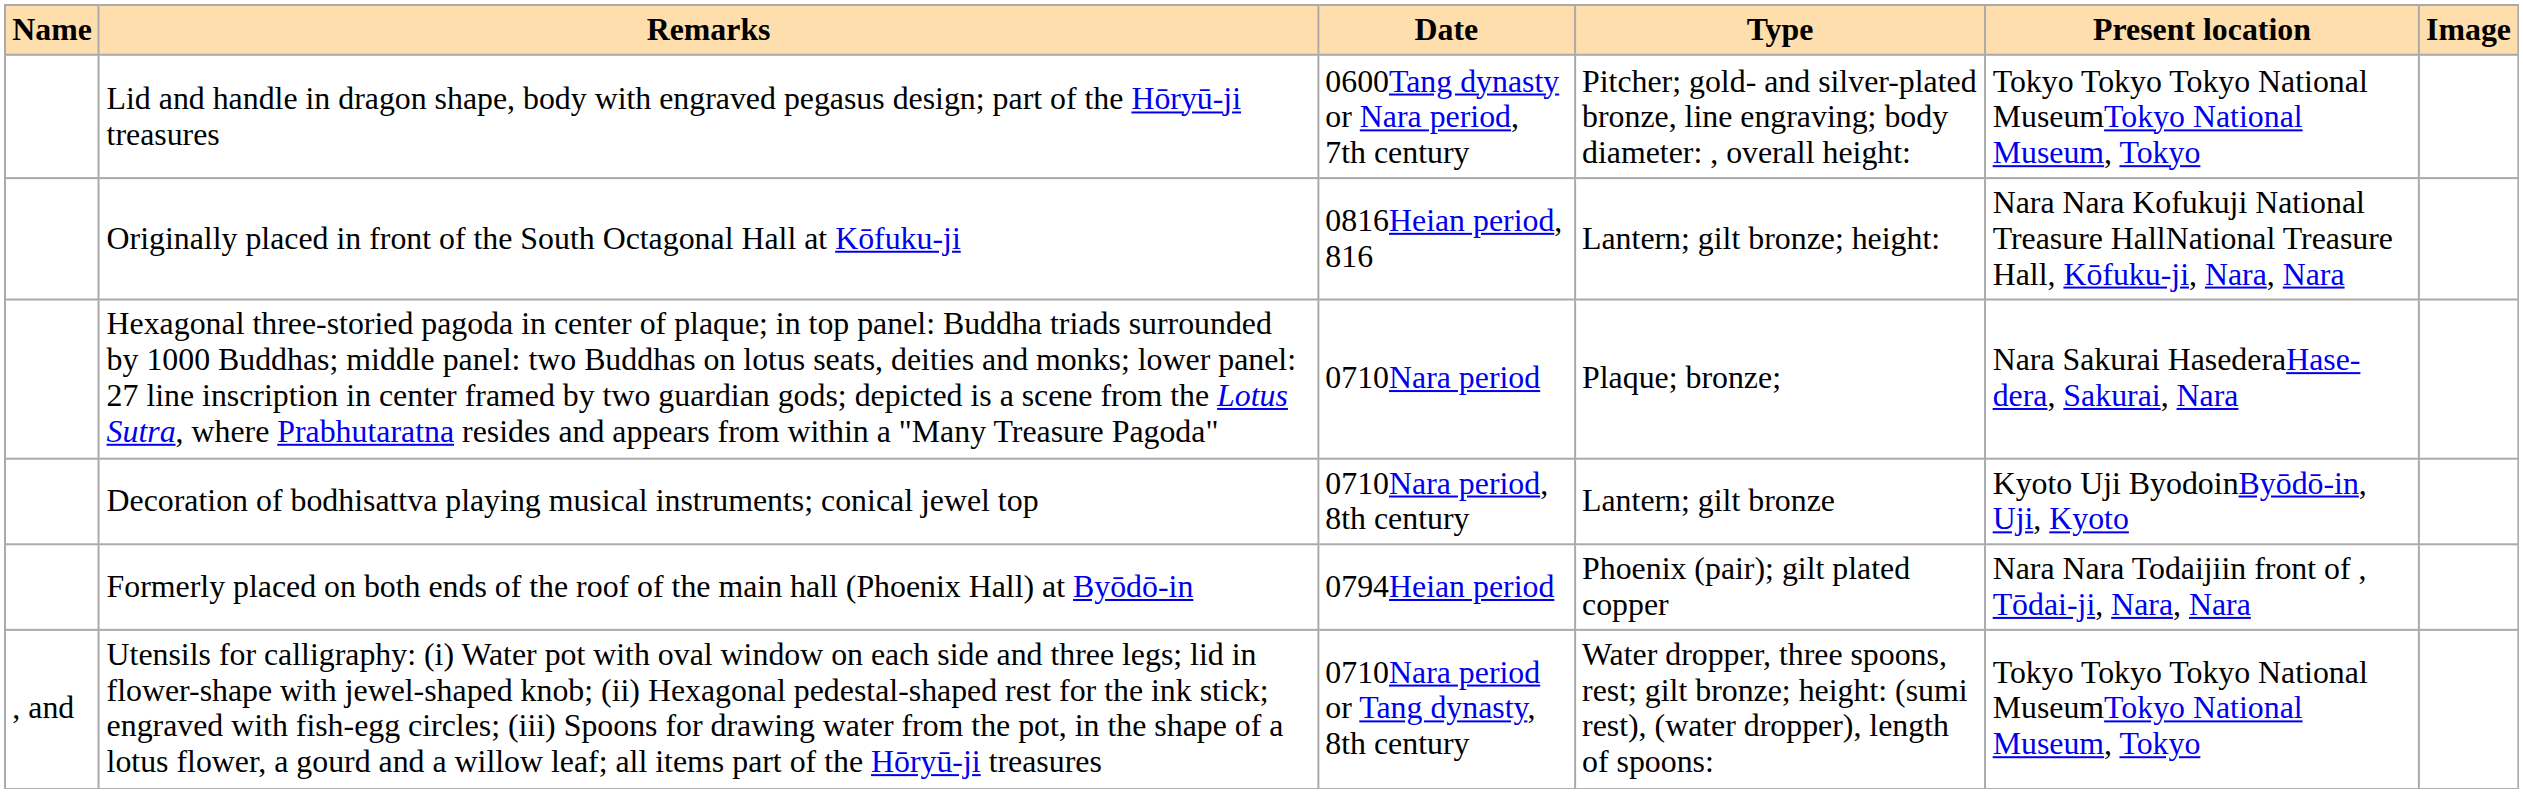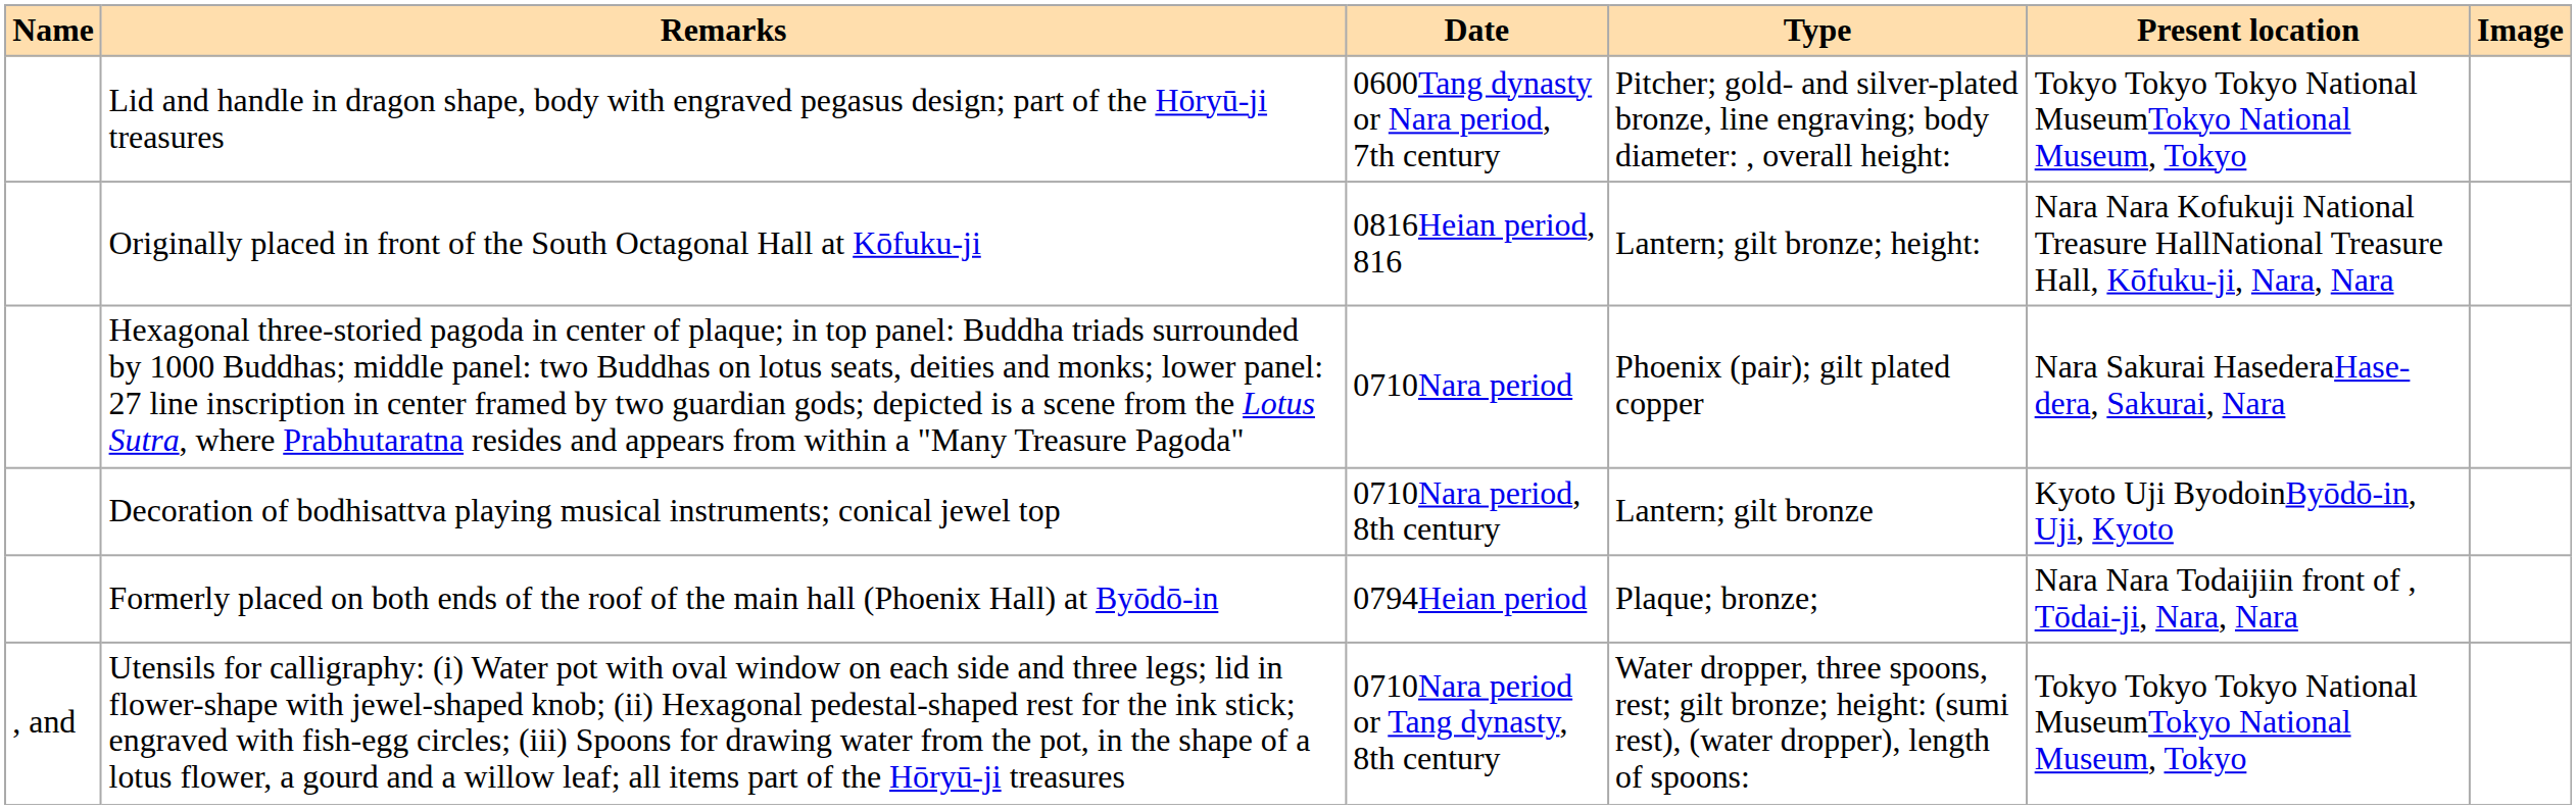 <table class="wikitable sortable" width="100%" style="background:#ffffff;">
 <tr>
 <th align="left" style="background:#ffdead;">Name</th>
 <th align="left" style="background:#ffdead;" class="unsortable">Remarks</th>
 <th align="left" style="background:#ffdead;">Date</th>
 <th align="left" style="background:#ffdead;" class="unsortable">Type</th>
 <th align="left" style="background:#ffdead;">Present location</th>
 <th align="left" style="background:#ffdead;" class="unsortable">Image</th>
 </tr>
 <tr>
 <td></td>
 <td>Lid and handle in dragon shape, body with engraved pegasus design; part of the <a href='#'>Hōryū-ji</a> treasures</td>
 <td><span>0600</span><a href='#'>Tang dynasty</a> or <a href='#'>Nara period</a>, 7th century</td>
 <td>Pitcher; gold- and silver-plated bronze, line engraving; body diameter: , overall height: </td>
 <td><span>Tokyo Tokyo Tokyo National Museum</span><a href='#'>Tokyo National Museum</a>, <a href='#'>Tokyo</a></td>
 <td></td>
 </tr>
 <tr>
 <td></td>
 <td>Originally placed in front of the South Octagonal Hall at <a href='#'>Kōfuku-ji</a></td>
 <td><span>0816</span><a href='#'>Heian period</a>, 816</td>
 <td>Lantern; gilt bronze; height: </td>
 <td><span>Nara Nara Kofukuji National Treasure Hall</span>National Treasure Hall, <a href='#'>Kōfuku-ji</a>, <a href='#'>Nara</a>, <a href='#'>Nara</a></td>
 <td></td>
 </tr>
 <tr>
 <td></td>
 <td>Hexagonal three-storied pagoda in center of plaque; in top panel: Buddha triads surrounded by 1000 Buddhas; middle panel: two Buddhas on lotus seats, deities and monks; lower panel: 27 line inscription in center framed by two guardian gods; depicted is a scene from the <em><a href='#'>Lotus Sutra</a></em>, where <a href='#'>Prabhutaratna</a> resides and appears from within a "Many Treasure Pagoda"</td>
 <td><span>0710</span><a href='#'>Nara period</a></td>
-<td>Plaque; bronze; </td>
+<td>Phoenix (pair); gilt plated copper</td>
 <td><span>Nara Sakurai Hasedera</span><a href='#'>Hase-dera</a>, <a href='#'>Sakurai</a>, <a href='#'>Nara</a></td>
 <td></td>
 </tr>
 <tr>
 <td></td>
 <td>Decoration of bodhisattva playing musical instruments; conical jewel top</td>
 <td><span>0710</span><a href='#'>Nara period</a>, 8th century</td>
 <td>Lantern; gilt bronze</td>
 <td><span>Kyoto Uji Byodoin</span><a href='#'>Byōdō-in</a>, <a href='#'>Uji</a>, <a href='#'>Kyoto</a></td>
 <td></td>
 </tr>
 <tr>
 <td></td>
 <td>Formerly placed on both ends of the roof of the main hall (Phoenix Hall) at <a href='#'>Byōdō-in</a></td>
 <td><span>0794</span><a href='#'>Heian period</a></td>
-<td>Phoenix (pair); gilt plated copper</td>
+<td>Plaque; bronze; </td>
 <td><span>Nara Nara Todaiji</span>in front of , <a href='#'>Tōdai-ji</a>, <a href='#'>Nara</a>, <a href='#'>Nara</a></td>
 <td> </td>
 </tr>
 <tr>
 <td>,  and </td>
 <td>Utensils for calligraphy: (i) Water pot with oval window on each side and three legs; lid in flower-shape with jewel-shaped knob; (ii) Hexagonal pedestal-shaped rest for the ink stick; engraved with fish-egg circles; (iii) Spoons for drawing water from the pot, in the shape of a lotus flower, a gourd and a willow leaf; all items part of the <a href='#'>Hōryū-ji</a> treasures</td>
 <td><span>0710</span><a href='#'>Nara period</a> or <a href='#'>Tang dynasty</a>, 8th century</td>
 <td>Water dropper, three spoons, rest; gilt bronze; height:  (sumi rest),  (water dropper), length of spoons: </td>
 <td><span>Tokyo Tokyo Tokyo National Museum</span><a href='#'>Tokyo National Museum</a>, <a href='#'>Tokyo</a></td>
 <td></td>
 </tr>
 </table>
